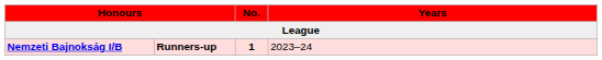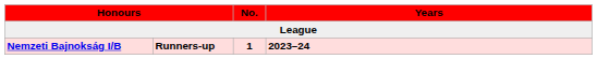 <table class="wikitable" width=70%>
 <tr>
 <th width=35% colspan=2 style="background:#FF0000"><span>Honours</span></th>
 <th width=5% style="background:#FF0000"><span>No.</span></th>
 <th width=50% style="background:#FF0000"><span>Years</span></th>
 </tr>
 <tr>
 <th colspan="6" style="background:#efefef;"><strong>League</strong></th>
 </tr>
 <tr style="background:#fdd;">
 <td><strong><a href='#'>Nemzeti Bajnokság I/B</a></strong></td>
 <td><strong>Runners-up</strong></td>
 <td align=center><strong>1</strong></td>
-<td>2023–24</td>
+<td><strong>2023–24</strong></td>
 </tr>
 </table>
